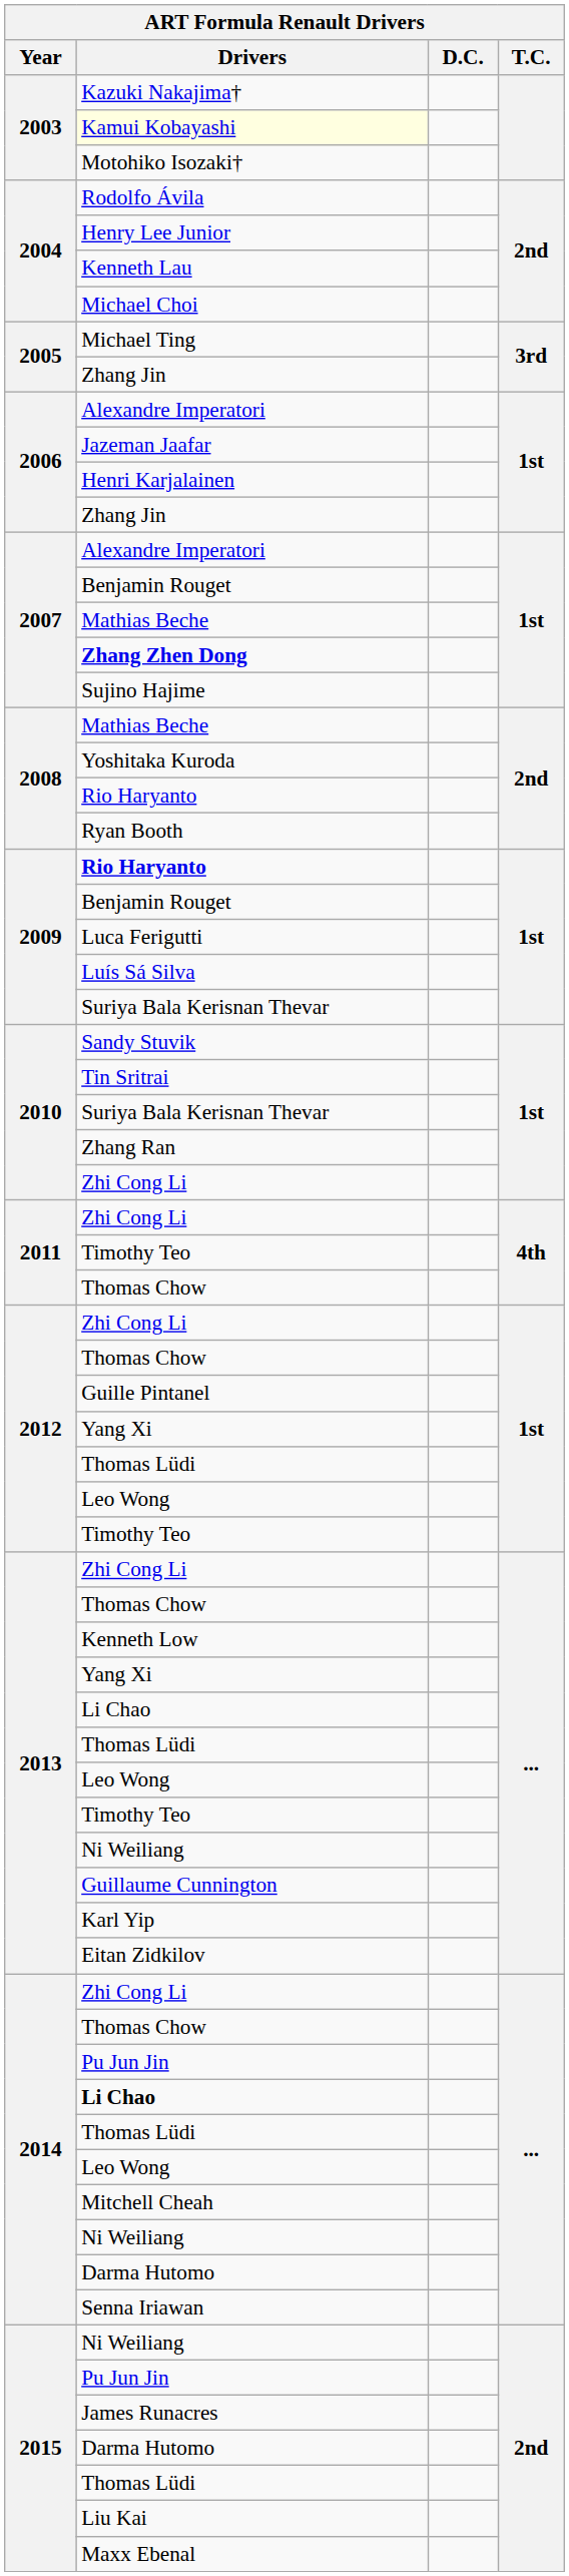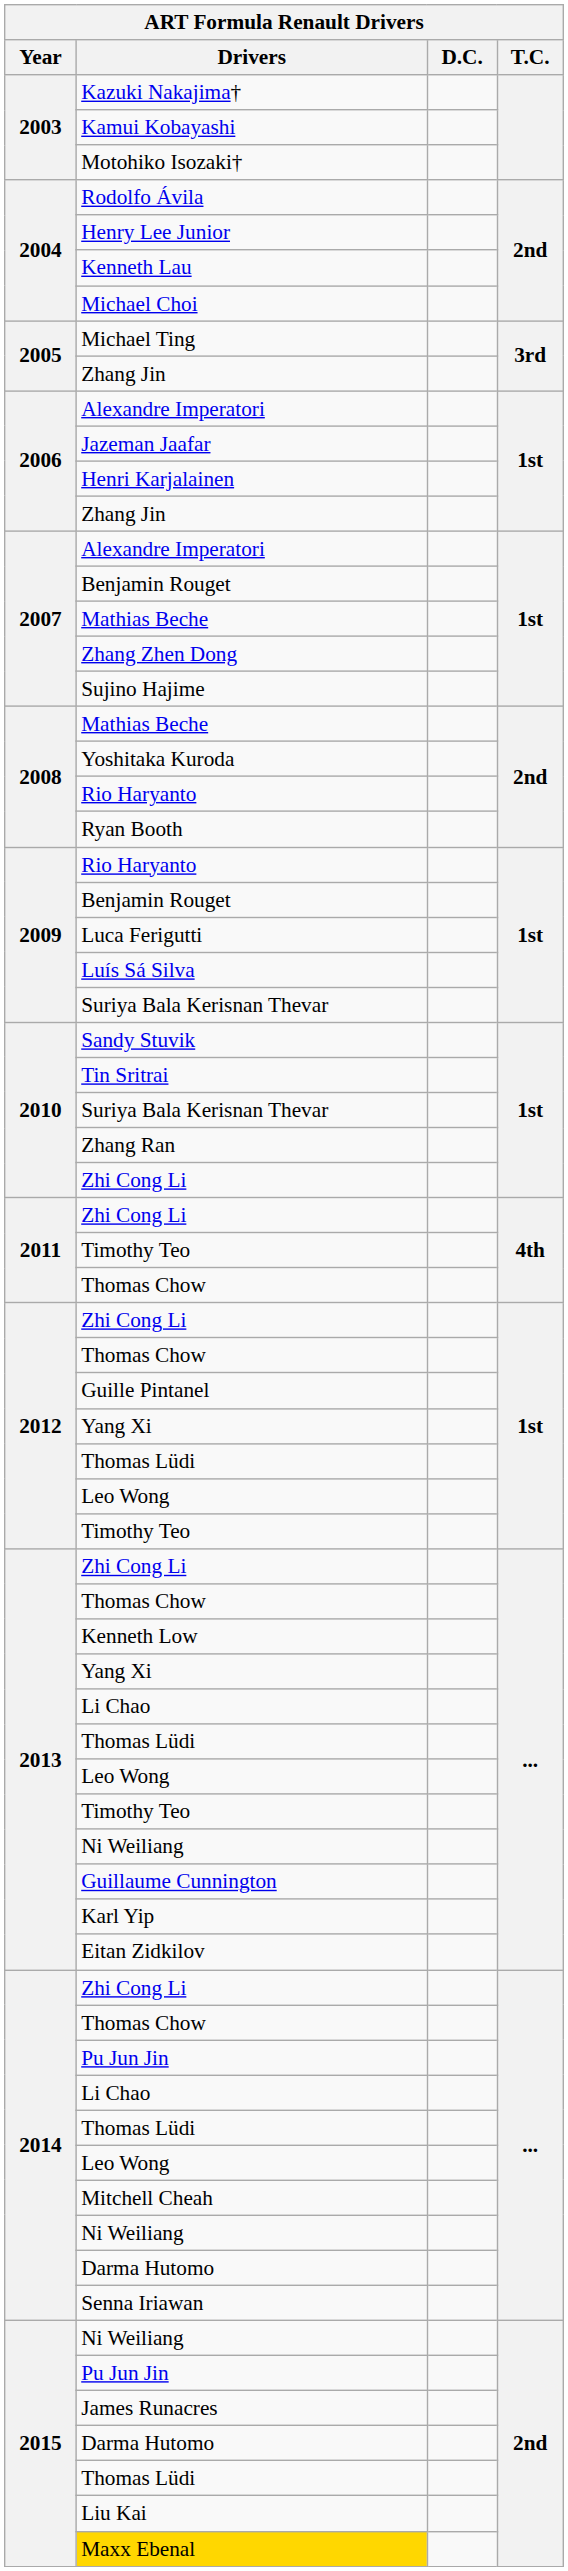 <table class="wikitable collapsible" style="font-size:95%; width:400px">
 <tr>
 <th colspan="9">ART Formula Renault Drivers</th>
 </tr>
 <tr>
 <th>Year</th>
 <th>Drivers</th>
 <th>D.C.</th>
 <th>T.C.</th>
 </tr>
 <tr>
 <th rowspan="3"><strong>2003</strong></th>
 <td> <a href='#'>Kazuki Nakajima</a>†</td>
 <td></td>
 <th rowspan="3"></th>
 </tr>
 <tr>
-<td style="background: lightyellow;"> <a href='#'>Kamui Kobayashi</a></td>
+<td> <a href='#'>Kamui Kobayashi</a></td>
 <td></td>
 </tr>
 <tr>
 <td> Motohiko Isozaki†</td>
 <td></td>
 </tr>
 <tr>
 <th rowspan="4"><strong>2004</strong></th>
 <td> <a href='#'>Rodolfo Ávila</a></td>
 <td></td>
 <th rowspan="4"><strong>2nd</strong></th>
 </tr>
 <tr>
 <td> <a href='#'>Henry Lee Junior</a></td>
 <td></td>
 </tr>
 <tr>
 <td> <a href='#'>Kenneth Lau</a></td>
 <td></td>
 </tr>
 <tr>
 <td> <a href='#'>Michael Choi</a></td>
 <td></td>
 </tr>
 <tr>
 <th rowspan="2"><strong>2005</strong></th>
 <td> Michael Ting</td>
 <td></td>
 <th rowspan=2><strong>3rd</strong></th>
 </tr>
 <tr>
 <td> Zhang Jin</td>
 <td></td>
 </tr>
 <tr>
 <th rowspan="4"><strong>2006</strong></th>
 <td> <a href='#'>Alexandre Imperatori</a></td>
 <td></td>
 <th rowspan="4"><strong>1st</strong></th>
 </tr>
 <tr>
 <td> <a href='#'>Jazeman Jaafar</a></td>
 <td></td>
 </tr>
 <tr>
 <td> <a href='#'>Henri Karjalainen</a></td>
 <td></td>
 </tr>
 <tr>
 <td> Zhang Jin</td>
 <td></td>
 </tr>
 <tr>
 <th rowspan=5><strong>2007</strong></th>
 <td> <a href='#'>Alexandre Imperatori</a></td>
 <td></td>
 <th rowspan="5"><strong>1st</strong></th>
 </tr>
 <tr>
 <td> Benjamin Rouget</td>
 <td></td>
 </tr>
 <tr>
 <td> <a href='#'>Mathias Beche</a></td>
 <td></td>
 </tr>
 <tr>
-<td><strong> <a href='#'>Zhang Zhen Dong</a></strong></td>
+<td> <a href='#'>Zhang Zhen Dong</a></td>
 <td></td>
 </tr>
 <tr>
 <td> Sujino Hajime</td>
 <td></td>
 </tr>
 <tr>
 <th rowspan=4><strong>2008</strong></th>
 <td> <a href='#'>Mathias Beche</a></td>
 <td></td>
 <th rowspan=4><strong>2nd</strong></th>
 </tr>
 <tr>
 <td> Yoshitaka Kuroda</td>
 <td></td>
 </tr>
 <tr>
 <td> <a href='#'>Rio Haryanto</a></td>
 <td></td>
 </tr>
 <tr>
 <td> Ryan Booth</td>
 <td></td>
 </tr>
 <tr>
 <th rowspan=5><strong>2009</strong></th>
-<td><strong> <a href='#'>Rio Haryanto</a></strong></td>
+<td> <a href='#'>Rio Haryanto</a></td>
 <td></td>
 <th rowspan=5><strong>1st</strong></th>
 </tr>
 <tr>
 <td> Benjamin Rouget</td>
 <td></td>
 </tr>
 <tr>
 <td> Luca Ferigutti</td>
 <td></td>
 </tr>
 <tr>
 <td> <a href='#'>Luís Sá Silva</a></td>
 <td></td>
 </tr>
 <tr>
 <td> Suriya Bala Kerisnan Thevar</td>
 <td></td>
 </tr>
 <tr>
 <th rowspan="5"><strong>2010</strong></th>
 <td> <a href='#'>Sandy Stuvik</a></td>
 <td></td>
 <th rowspan=5><strong>1st</strong></th>
 </tr>
 <tr>
 <td> <a href='#'>Tin Sritrai</a></td>
 <td></td>
 </tr>
 <tr>
 <td> Suriya Bala Kerisnan Thevar</td>
 <td></td>
 </tr>
 <tr>
 <td> Zhang Ran</td>
 <td></td>
 </tr>
 <tr>
 <td> <a href='#'>Zhi Cong Li</a></td>
 <td></td>
 </tr>
 <tr>
 <th rowspan="3"><strong>2011</strong></th>
 <td> <a href='#'>Zhi Cong Li</a></td>
 <td></td>
 <th rowspan=3><strong>4th</strong></th>
 </tr>
 <tr>
 <td> Timothy Teo</td>
 <td></td>
 </tr>
 <tr>
 <td> Thomas Chow</td>
 <td></td>
 </tr>
 <tr>
 <th rowspan="7"><strong>2012</strong></th>
 <td> <a href='#'>Zhi Cong Li</a></td>
 <td></td>
 <th rowspan=7><strong>1st</strong></th>
 </tr>
 <tr>
 <td> Thomas Chow</td>
 <td></td>
 </tr>
 <tr>
 <td> Guille Pintanel</td>
 <td></td>
 </tr>
 <tr>
 <td> Yang Xi</td>
 <td></td>
 </tr>
 <tr>
 <td> Thomas Lüdi</td>
 <td></td>
 </tr>
 <tr>
 <td> Leo Wong</td>
 <td></td>
 </tr>
 <tr>
 <td> Timothy Teo</td>
 <td></td>
 </tr>
 <tr>
 <th rowspan="12"><strong>2013</strong></th>
 <td> <a href='#'>Zhi Cong Li</a></td>
 <td></td>
 <th rowspan=12><strong> ... </strong></th>
 </tr>
 <tr>
 <td> Thomas Chow</td>
 <td></td>
 </tr>
 <tr>
 <td> Kenneth Low</td>
 <td></td>
 </tr>
 <tr>
 <td> Yang Xi</td>
 <td></td>
 </tr>
 <tr>
 <td> Li Chao</td>
 <td></td>
 </tr>
 <tr>
 <td> Thomas Lüdi</td>
 <td></td>
 </tr>
 <tr>
 <td> Leo Wong</td>
 <td></td>
 </tr>
 <tr>
 <td> Timothy Teo</td>
 <td></td>
 </tr>
 <tr>
 <td> Ni Weiliang</td>
 <td></td>
 </tr>
 <tr>
 <td> <a href='#'>Guillaume Cunnington</a></td>
 <td></td>
 </tr>
 <tr>
 <td> Karl Yip</td>
 <td></td>
 </tr>
 <tr>
 <td> Eitan Zidkilov</td>
 <td></td>
 </tr>
 <tr>
 <th rowspan="10"><strong>2014</strong></th>
 <td> <a href='#'>Zhi Cong Li</a></td>
 <td></td>
 <th rowspan=10><strong> ... </strong></th>
 </tr>
 <tr>
 <td> Thomas Chow</td>
 <td></td>
 </tr>
 <tr>
 <td> <a href='#'>Pu Jun Jin</a></td>
 <td></td>
 </tr>
 <tr>
-<td><strong> Li Chao</strong></td>
+<td> Li Chao</td>
 <td></td>
 </tr>
 <tr>
 <td> Thomas Lüdi</td>
 <td></td>
 </tr>
 <tr>
 <td> Leo Wong</td>
 <td></td>
 </tr>
 <tr>
 <td> Mitchell Cheah</td>
 <td></td>
 </tr>
 <tr>
 <td> Ni Weiliang</td>
 <td></td>
 </tr>
 <tr>
 <td> Darma Hutomo</td>
 <td></td>
 </tr>
 <tr>
 <td> Senna Iriawan</td>
 <td></td>
 </tr>
 <tr>
 <th rowspan="7"><strong>2015</strong></th>
 <td> Ni Weiliang</td>
 <td></td>
 <th rowspan=7><strong>2nd</strong></th>
 </tr>
 <tr>
 <td> <a href='#'>Pu Jun Jin</a></td>
 <td></td>
 </tr>
 <tr>
 <td> James Runacres</td>
 <td></td>
 </tr>
 <tr>
 <td> Darma Hutomo</td>
 <td></td>
 </tr>
 <tr>
 <td> Thomas Lüdi</td>
 <td></td>
 </tr>
 <tr>
 <td> Liu Kai</td>
 <td></td>
 </tr>
 <tr>
-<td> Maxx Ebenal</td>
+<td style="background: gold;"> Maxx Ebenal</td>
 <td></td>
 </tr>
 </table>
